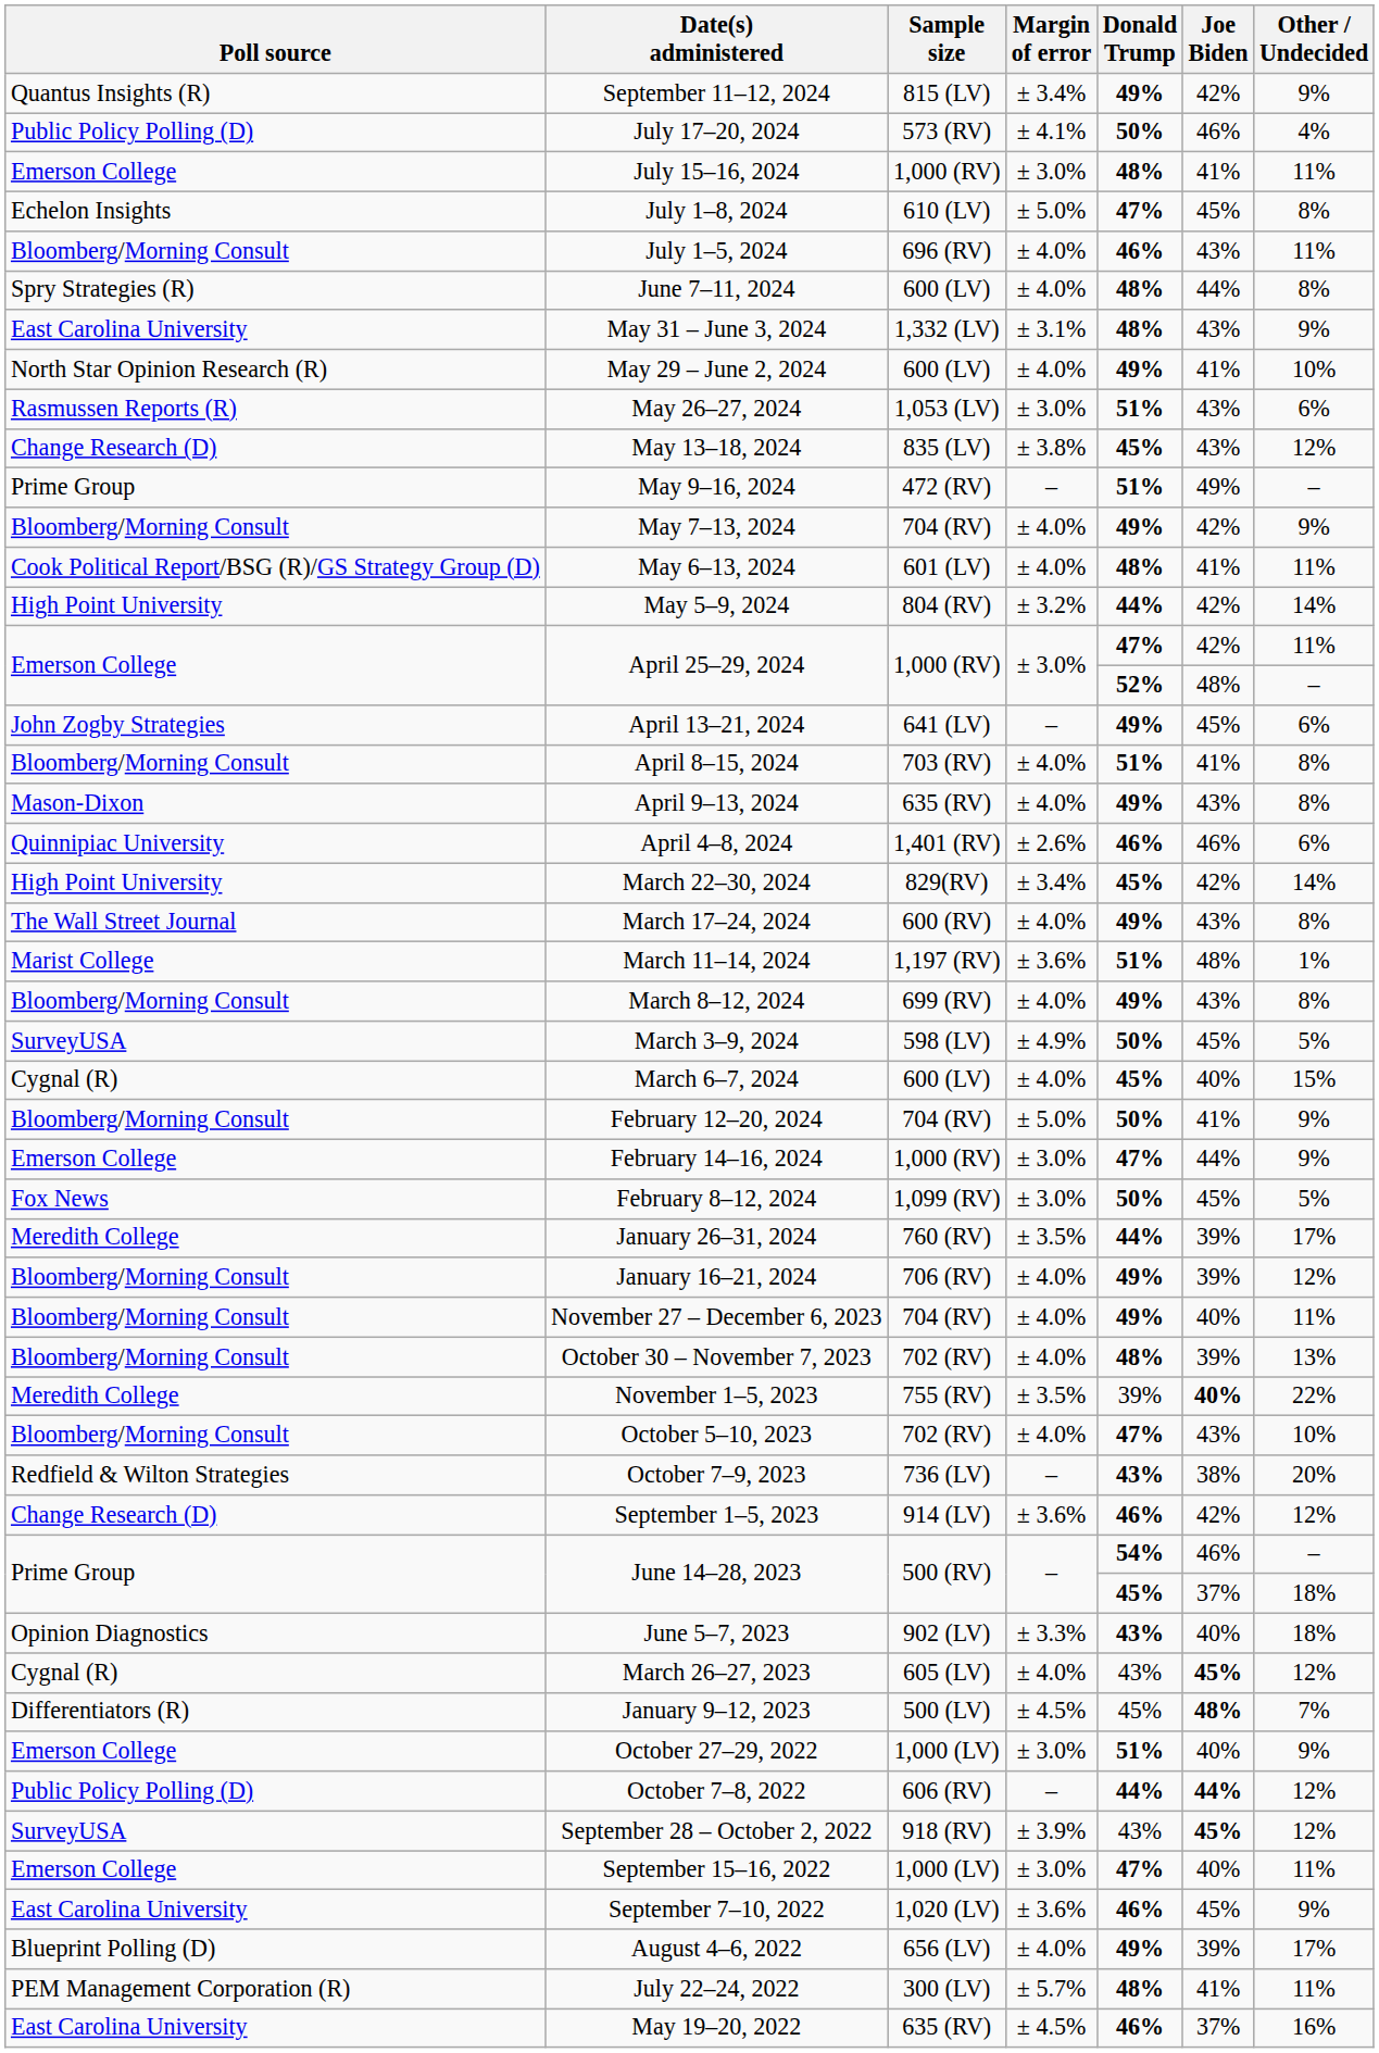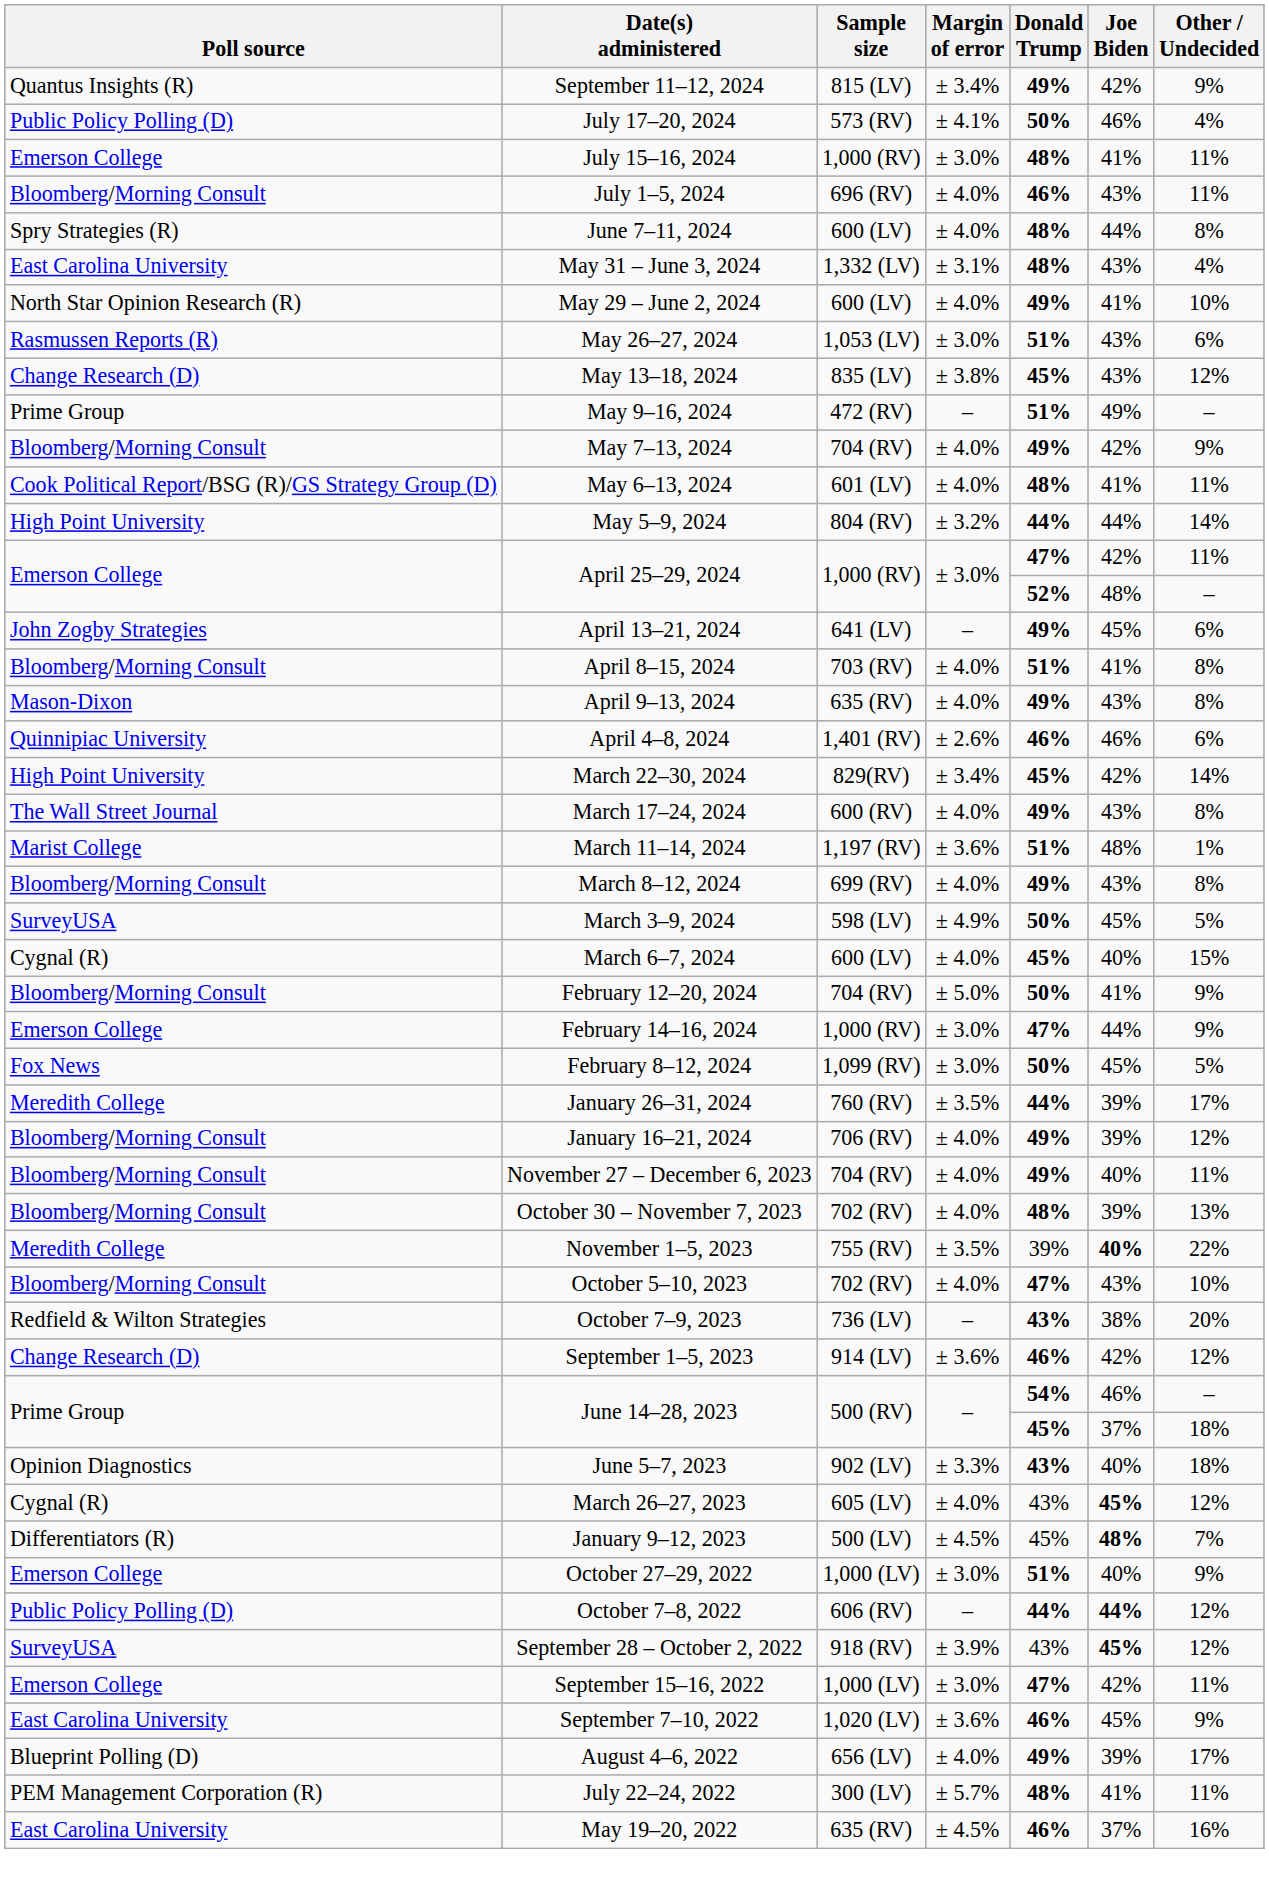 <table class="wikitable sortable mw-datatable" style="font-size:90%;text-align:center;line-height:17px">
 <tr valign=bottom>
 <th>Poll source</th>
 <th>Date(s)<br>administered</th>
 <th>Sample<br>size</th>
 <th>Margin<br>of error</th>
 <th class="unsortable">Donald<br>Trump<br></th>
 <th class="unsortable">Joe<br>Biden<br></th>
 <th class="unsortable">Other /<br>Undecided</th>
 </tr>
 <tr>
 <td style="text-align:left;">Quantus Insights (R)</td>
 <td data-sort-value="2024-09-12">September 11–12, 2024</td>
 <td>815 (LV)</td>
 <td>± 3.4%</td>
 <td style="background-color:"><strong>49%</strong></td>
 <td>42%</td>
 <td>9%</td>
 </tr>
 <tr>
 <td style="text-align:left;"><a href='#'>Public Policy Polling (D)</a></td>
 <td data-sort-value="2024-07-21">July 17–20, 2024</td>
 <td>573 (RV)</td>
 <td>± 4.1%</td>
 <td style="background-color:"><strong>50%</strong></td>
 <td>46%</td>
 <td>4%</td>
 </tr>
 <tr>
 <td style="text-align:left;"><a href='#'>Emerson College</a></td>
 <td data-sort-value="2024-07-18">July 15–16, 2024</td>
 <td>1,000 (RV)</td>
 <td>± 3.0%</td>
 <td style="background-color:"><strong>48%</strong></td>
 <td>41%</td>
 <td>11%</td>
 </tr>
 <tr>
-<td style="text-align:left;">Echelon Insights</td>
-<td data-sort-value="2024-07-08">July 1–8, 2024</td>
-<td>610 (LV)</td>
-<td>± 5.0%</td>
-<td style="background-color:"><strong>47%</strong></td>
-<td>45%</td>
-<td>8%</td>
-</tr>
-<tr>
 <td style="text-align:left;"><a href='#'>Bloomberg</a>/<a href='#'>Morning Consult</a></td>
 <td data-sort-value="2024-07-06">July 1–5, 2024</td>
 <td>696 (RV)</td>
 <td>± 4.0%</td>
 <td style="background-color:"><strong>46%</strong></td>
 <td>43%</td>
 <td>11%</td>
 </tr>
 <tr>
 <td style="text-align:left;">Spry Strategies (R)</td>
 <td data-sort-value="2024-06-17">June 7–11, 2024</td>
 <td>600 (LV)</td>
 <td>± 4.0%</td>
 <td style="background-color:"><strong>48%</strong></td>
 <td>44%</td>
 <td>8%</td>
 </tr>
 <tr>
 <td style="text-align:left;"><a href='#'>East Carolina University</a></td>
 <td data-sort-value="2024-06-03">May 31 – June 3, 2024</td>
 <td>1,332 (LV)</td>
 <td>± 3.1%</td>
 <td style="background-color:"><strong>48%</strong></td>
 <td>43%</td>
-<td>9%</td>
+<td>4%</td>
 </tr>
 <tr>
 <td style="text-align:left;">North Star Opinion Research (R)</td>
 <td data-sort-value="2024-06-03">May 29 – June 2, 2024</td>
 <td>600 (LV)</td>
 <td>± 4.0%</td>
 <td style="background-color:"><strong>49%</strong></td>
 <td>41%</td>
 <td>10%</td>
 </tr>
 <tr>
 <td style="text-align:left;"><a href='#'>Rasmussen Reports (R)</a></td>
 <td data-sort-value="2024-06-05">May 26–27, 2024</td>
 <td>1,053 (LV)</td>
 <td>± 3.0%</td>
 <td style="background-color:"><strong>51%</strong></td>
 <td>43%</td>
 <td>6%</td>
 </tr>
 <tr>
 <td style="text-align:left;"><a href='#'>Change Research (D)</a></td>
 <td data-sort-value="2024-05-22">May 13–18, 2024</td>
 <td>835 (LV)</td>
 <td>± 3.8%</td>
 <td style="background-color:"><strong>45%</strong></td>
 <td>43%</td>
 <td>12%</td>
 </tr>
 <tr>
 <td style="text-align:left;">Prime Group</td>
 <td data-sort-value="2024-05-22">May 9–16, 2024</td>
 <td>472 (RV)</td>
 <td>–</td>
 <td style="background-color:"><strong>51%</strong></td>
 <td>49%</td>
 <td>–</td>
 </tr>
 <tr>
 <td style="text-align:left;"><a href='#'>Bloomberg</a>/<a href='#'>Morning Consult</a></td>
 <td data-sort-value="2024-05-22">May 7–13, 2024</td>
 <td>704 (RV)</td>
 <td>± 4.0%</td>
 <td style="background-color:"><strong>49%</strong></td>
 <td>42%</td>
 <td>9%</td>
 </tr>
 <tr>
 <td style="text-align:left;"><a href='#'>Cook Political Report</a>/BSG (R)/<a href='#'>GS Strategy Group (D)</a></td>
 <td data-sort-value="2024-05-23">May 6–13, 2024</td>
 <td>601 (LV)</td>
 <td>± 4.0%</td>
 <td style="background-color:"><strong>48%</strong></td>
 <td>41%</td>
 <td>11%</td>
 </tr>
 <tr>
 <td style="text-align:left;"><a href='#'>High Point University</a></td>
 <td data-sort-value="2024-05-23">May 5–9, 2024</td>
 <td>804 (RV)</td>
 <td>± 3.2%</td>
 <td style="background-color:"><strong>44%</strong></td>
-<td>42%</td>
+<td>44%</td>
 <td>14%</td>
 </tr>
 <tr>
 <td style="text-align:left;" rowspan="2"><a href='#'>Emerson College</a></td>
 <td rowspan="2">April 25–29, 2024</td>
 <td rowspan="2">1,000 (RV)</td>
 <td rowspan="2">± 3.0%</td>
 <td style="background-color:"><strong>47%</strong></td>
 <td>42%</td>
 <td>11%</td>
 </tr>
 <tr>
 <td style="background-color:"><strong>52%</strong></td>
 <td>48%</td>
 <td>–</td>
 </tr>
 <tr>
 <td style="text-align:left;"><a href='#'>John Zogby Strategies</a></td>
 <td data-sort-value="2024-05-01">April 13–21, 2024</td>
 <td>641 (LV)</td>
 <td>–</td>
 <td style="background-color:"><strong>49%</strong></td>
 <td>45%</td>
 <td>6%</td>
 </tr>
 <tr>
 <td style="text-align:left;"><a href='#'>Bloomberg</a>/<a href='#'>Morning Consult</a></td>
 <td data-sort-value="2024-04-24">April 8–15, 2024</td>
 <td>703 (RV)</td>
 <td>± 4.0%</td>
 <td style="background-color:"><strong>51%</strong></td>
 <td>41%</td>
 <td>8%</td>
 </tr>
 <tr>
 <td style="text-align:left;"><a href='#'>Mason-Dixon</a></td>
 <td data-sort-value="2024-04-19">April 9–13, 2024</td>
 <td>635 (RV)</td>
 <td>± 4.0%</td>
 <td style="background-color:"><strong>49%</strong></td>
 <td>43%</td>
 <td>8%</td>
 </tr>
 <tr>
 <td style="text-align:left;"><a href='#'>Quinnipiac University</a></td>
 <td data-sort-value="2024-04-10">April 4–8, 2024</td>
 <td>1,401 (RV)</td>
 <td>± 2.6%</td>
 <td style="background-color:"><strong>46%</strong></td>
 <td>46%</td>
 <td>6%</td>
 </tr>
 <tr>
 <td style="text-align:left;"><a href='#'>High Point University</a></td>
 <td data-sort-value="2024-04-11">March 22–30, 2024</td>
 <td>829(RV)</td>
 <td>± 3.4%</td>
 <td style="background-color:"><strong>45%</strong></td>
 <td>42%</td>
 <td>14%</td>
 </tr>
 <tr>
 <td style="text-align:left;"><a href='#'>The Wall Street Journal</a></td>
 <td data-sort-value="2024-04-02">March 17–24, 2024</td>
 <td>600 (RV)</td>
 <td>± 4.0%</td>
 <td style="background-color:"><strong>49%</strong></td>
 <td>43%</td>
 <td>8%</td>
 </tr>
 <tr>
 <td style="text-align:left;"><a href='#'>Marist College</a></td>
 <td data-sort-value="2024-03-20">March 11–14, 2024</td>
 <td>1,197 (RV)</td>
 <td>± 3.6%</td>
 <td style="background-color:"><strong>51%</strong></td>
 <td>48%</td>
 <td>1%</td>
 </tr>
 <tr>
 <td style="text-align:left;"><a href='#'>Bloomberg</a>/<a href='#'>Morning Consult</a></td>
 <td data-sort-value="2024-03-26">March 8–12, 2024</td>
 <td>699 (RV)</td>
 <td>± 4.0%</td>
 <td style="background-color:"><strong>49%</strong></td>
 <td>43%</td>
 <td>8%</td>
 </tr>
 <tr>
 <td style="text-align:left;"><a href='#'>SurveyUSA</a></td>
 <td data-sort-value="2024-03-11">March 3–9, 2024</td>
 <td>598 (LV)</td>
 <td>± 4.9%</td>
 <td style="background-color:"><strong>50%</strong></td>
 <td>45%</td>
 <td>5%</td>
 </tr>
 <tr>
 <td style="text-align:left;">Cygnal (R)</td>
 <td data-sort-value="2024-03-12">March 6–7, 2024</td>
 <td>600 (LV)</td>
 <td>± 4.0%</td>
 <td style="background-color:"><strong>45%</strong></td>
 <td>40%</td>
 <td>15%</td>
 </tr>
 <tr>
 <td style="text-align:left;"><a href='#'>Bloomberg</a>/<a href='#'>Morning Consult</a></td>
 <td data-sort-value="2024-02-29">February 12–20, 2024</td>
 <td>704 (RV)</td>
 <td>± 5.0%</td>
 <td style="background-color:"><strong>50%</strong></td>
 <td>41%</td>
 <td>9%</td>
 </tr>
 <tr>
 <td style="text-align:left;"><a href='#'>Emerson College</a></td>
 <td data-sort-value="2024-02-21">February 14–16, 2024</td>
 <td>1,000 (RV)</td>
 <td>± 3.0%</td>
 <td style="background-color:"><strong>47%</strong></td>
 <td>44%</td>
 <td>9%</td>
 </tr>
 <tr>
 <td style="text-align:left;"><a href='#'>Fox News</a></td>
 <td data-sort-value="2024-02-14">February 8–12, 2024</td>
 <td>1,099 (RV)</td>
 <td>± 3.0%</td>
 <td style="background-color:"><strong>50%</strong></td>
 <td>45%</td>
 <td>5%</td>
 </tr>
 <tr>
 <td style="text-align:left;"><a href='#'>Meredith College</a></td>
 <td data-sort-value="2024-02-05">January 26–31, 2024</td>
 <td>760 (RV)</td>
 <td>± 3.5%</td>
 <td style="background-color:"><strong>44%</strong></td>
 <td>39%</td>
 <td>17%</td>
 </tr>
 <tr>
 <td style="text-align:left;"><a href='#'>Bloomberg</a>/<a href='#'>Morning Consult</a></td>
 <td data-sort-value="2024-01-31">January 16–21, 2024</td>
 <td>706 (RV)</td>
 <td>± 4.0%</td>
 <td style="background-color:"><strong>49%</strong></td>
 <td>39%</td>
 <td>12%</td>
 </tr>
 <tr>
 <td style="text-align:left;"><a href='#'>Bloomberg</a>/<a href='#'>Morning Consult</a></td>
 <td data-sort-value="2023-12-14">November 27 – December 6, 2023</td>
 <td>704 (RV)</td>
 <td>± 4.0%</td>
 <td style="background-color:"><strong>49%</strong></td>
 <td>40%</td>
 <td>11%</td>
 </tr>
 <tr>
 <td style="text-align:left;"><a href='#'>Bloomberg</a>/<a href='#'>Morning Consult</a></td>
 <td data-sort-value="2023-11-09">October 30 – November 7, 2023</td>
 <td>702 (RV)</td>
 <td>± 4.0%</td>
 <td style="background-color:"><strong>48%</strong></td>
 <td>39%</td>
 <td>13%</td>
 </tr>
 <tr>
 <td style="text-align:left;"><a href='#'>Meredith College</a></td>
 <td data-sort-value="2023-11-05">November 1–5, 2023</td>
 <td>755 (RV)</td>
 <td>± 3.5%</td>
 <td>39%</td>
 <td style="color:black;background-color:"><strong>40%</strong></td>
 <td>22%</td>
 </tr>
 <tr>
 <td style="text-align:left;"><a href='#'>Bloomberg</a>/<a href='#'>Morning Consult</a></td>
 <td data-sort-value="2023-10-19">October 5–10, 2023</td>
 <td>702 (RV)</td>
 <td>± 4.0%</td>
 <td style="background-color:"><strong>47%</strong></td>
 <td>43%</td>
 <td>10%</td>
 </tr>
 <tr>
 <td style="text-align:left;">Redfield & Wilton Strategies</td>
 <td data-sort-value="2023-10-15">October 7–9, 2023</td>
 <td>736 (LV)</td>
 <td>–</td>
 <td style="background-color:"><strong>43%</strong></td>
 <td>38%</td>
 <td>20%</td>
 </tr>
 <tr>
 <td style="text-align:left;"><a href='#'>Change Research (D)</a></td>
 <td data-sort-value="2023-09-11">September 1–5, 2023</td>
 <td>914 (LV)</td>
 <td>± 3.6%</td>
 <td style="background-color:"><strong>46%</strong></td>
 <td>42%</td>
 <td>12%</td>
 </tr>
 <tr>
 <td style="text-align:left;" rowspan="2">Prime Group</td>
 <td rowspan="2">June 14–28, 2023</td>
 <td rowspan="2">500 (RV)</td>
 <td rowspan="2">–</td>
 <td style="background-color:"><strong>54%</strong></td>
 <td>46%</td>
 <td>–</td>
 </tr>
 <tr>
 <td style="background-color:"><strong>45%</strong></td>
 <td>37%</td>
 <td>18%</td>
 </tr>
 <tr>
 <td style="text-align:left;">Opinion Diagnostics</td>
 <td data-sort-value="2023-06-08">June 5–7, 2023</td>
 <td>902 (LV)</td>
 <td>± 3.3%</td>
 <td style="background-color:"><strong>43%</strong></td>
 <td>40%</td>
 <td>18%</td>
 </tr>
 <tr>
 <td style="text-align:left;">Cygnal (R)</td>
 <td data-sort-value="2023-03-27">March 26–27, 2023</td>
 <td>605 (LV)</td>
 <td>± 4.0%</td>
 <td>43%</td>
 <td style="color:black;background-color:"><strong>45%</strong></td>
 <td>12%</td>
 </tr>
 <tr>
 <td style="text-align:left;">Differentiators (R)</td>
 <td data-sort-value="2023-01-12">January 9–12, 2023</td>
 <td>500 (LV)</td>
 <td>± 4.5%</td>
 <td>45%</td>
 <td style="color:black;background-color:"><strong>48%</strong></td>
 <td>7%</td>
 </tr>
 <tr>
 <td style="text-align:left;"><a href='#'>Emerson College</a></td>
 <td data-sort-value="2022-10-29">October 27–29, 2022</td>
 <td>1,000 (LV)</td>
 <td>± 3.0%</td>
 <td style="background-color:"><strong>51%</strong></td>
 <td>40%</td>
 <td>9%</td>
 </tr>
 <tr>
 <td style="text-align:left;"><a href='#'>Public Policy Polling (D)</a></td>
 <td data-sort-value="2022-10-08">October 7–8, 2022</td>
 <td>606 (RV)</td>
 <td>–</td>
 <td><strong>44%</strong></td>
 <td><strong>44%</strong></td>
 <td>12%</td>
 </tr>
 <tr>
 <td style="text-align:left;"><a href='#'>SurveyUSA</a></td>
 <td data-sort-value="2022-10-02">September 28 – October 2, 2022</td>
 <td>918 (RV)</td>
 <td>± 3.9%</td>
 <td>43%</td>
 <td style="color:black;background-color:"><strong>45%</strong></td>
 <td>12%</td>
 </tr>
 <tr>
 <td style="text-align:left;"><a href='#'>Emerson College</a></td>
 <td data-sort-value="2022-09-16">September 15–16, 2022</td>
 <td>1,000 (LV)</td>
 <td>± 3.0%</td>
 <td style="background-color:"><strong>47%</strong></td>
-<td>40%</td>
+<td>42%</td>
 <td>11%</td>
 </tr>
 <tr>
 <td style="text-align:left;"><a href='#'>East Carolina University</a></td>
 <td data-sort-value="2022-09-10">September 7–10, 2022</td>
 <td>1,020 (LV)</td>
 <td>± 3.6%</td>
 <td style="background-color:"><strong>46%</strong></td>
 <td>45%</td>
 <td>9%</td>
 </tr>
 <tr>
 <td style="text-align:left;">Blueprint Polling (D)</td>
 <td data-sort-value="2022-08-06">August 4–6, 2022</td>
 <td>656 (LV)</td>
 <td>± 4.0%</td>
 <td style="background-color:"><strong>49%</strong></td>
 <td>39%</td>
 <td>17%</td>
 </tr>
 <tr>
 <td style="text-align:left;">PEM Management Corporation (R)</td>
 <td data-sort-value="2022-07-24">July 22–24, 2022</td>
 <td>300 (LV)</td>
 <td>± 5.7%</td>
 <td style="background-color:"><strong>48%</strong></td>
 <td>41%</td>
 <td>11%</td>
 </tr>
 <tr>
 <td style="text-align:left;"><a href='#'>East Carolina University</a></td>
 <td data-sort-value="2022-05-20">May 19–20, 2022</td>
 <td>635 (RV)</td>
 <td>± 4.5%</td>
 <td style="background-color:"><strong>46%</strong></td>
 <td>37%</td>
 <td>16%</td>
 </tr>
 </table>
